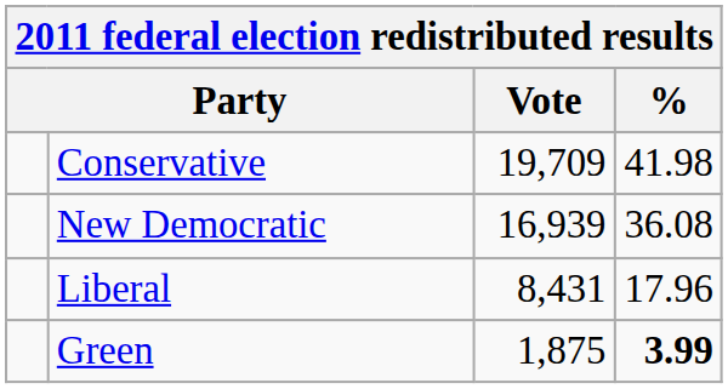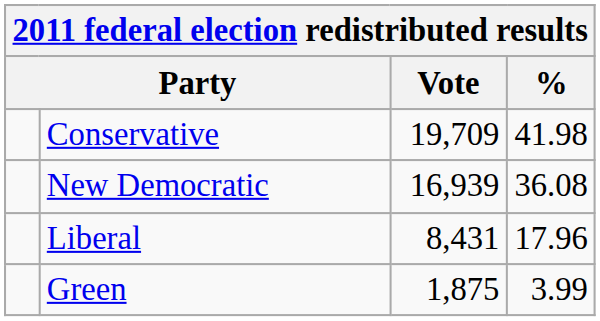 <table class="wikitable">
 <tr>
 <th colspan="4"><a href='#'>2011 federal election</a> redistributed results</th>
 </tr>
 <tr>
 <th bgcolor="#DDDDFF" width="130px" colspan="2">Party</th>
 <th bgcolor="#DDDDFF" width="50px">Vote</th>
 <th bgcolor="#DDDDFF" width="30px">%</th>
 </tr>
 <tr>
 <td> </td>
 <td><a href='#'>Conservative</a></td>
 <td align=right>19,709</td>
 <td align=right>41.98</td>
 </tr>
 <tr>
 <td> </td>
 <td><a href='#'>New Democratic</a></td>
 <td align=right>16,939</td>
 <td align=right>36.08</td>
 </tr>
 <tr>
 <td> </td>
 <td><a href='#'>Liberal</a></td>
 <td align=right>8,431</td>
 <td align=right>17.96</td>
 </tr>
 <tr>
 <td> </td>
 <td><a href='#'>Green</a></td>
 <td align=right>1,875</td>
-<td align=right><strong>3.99</strong></td>
+<td align=right>3.99</td>
 </tr>
 </table>
